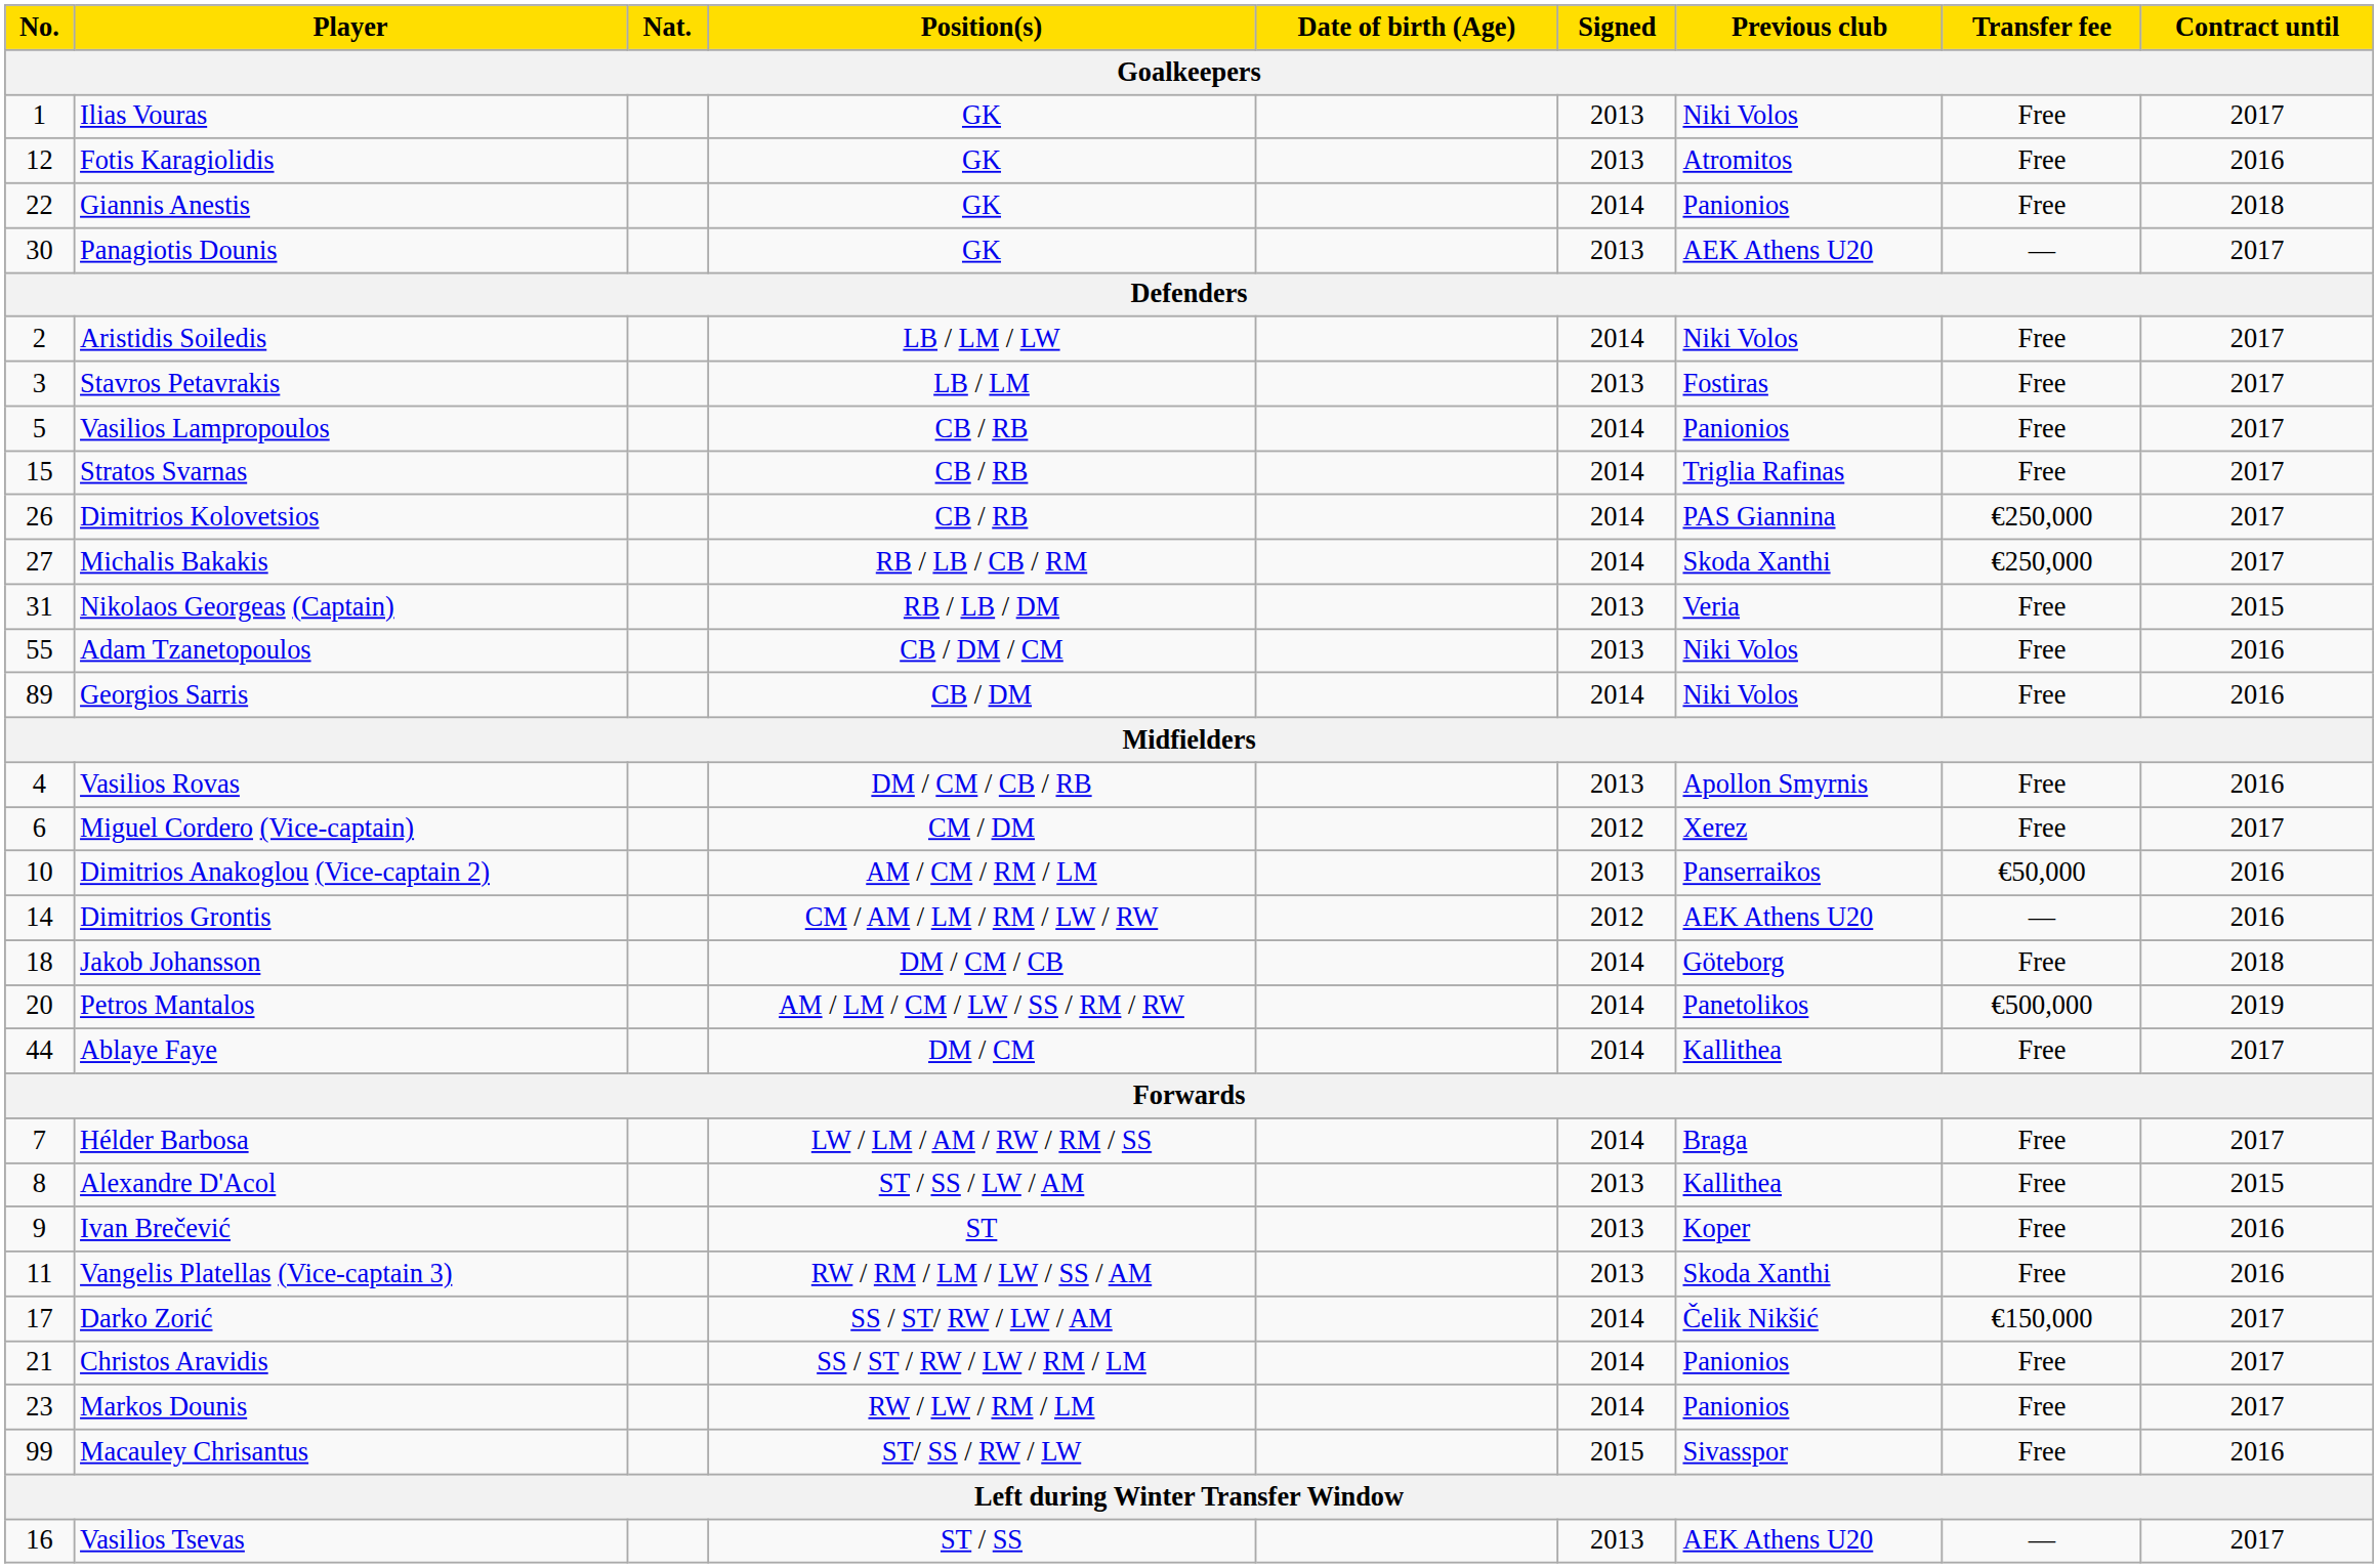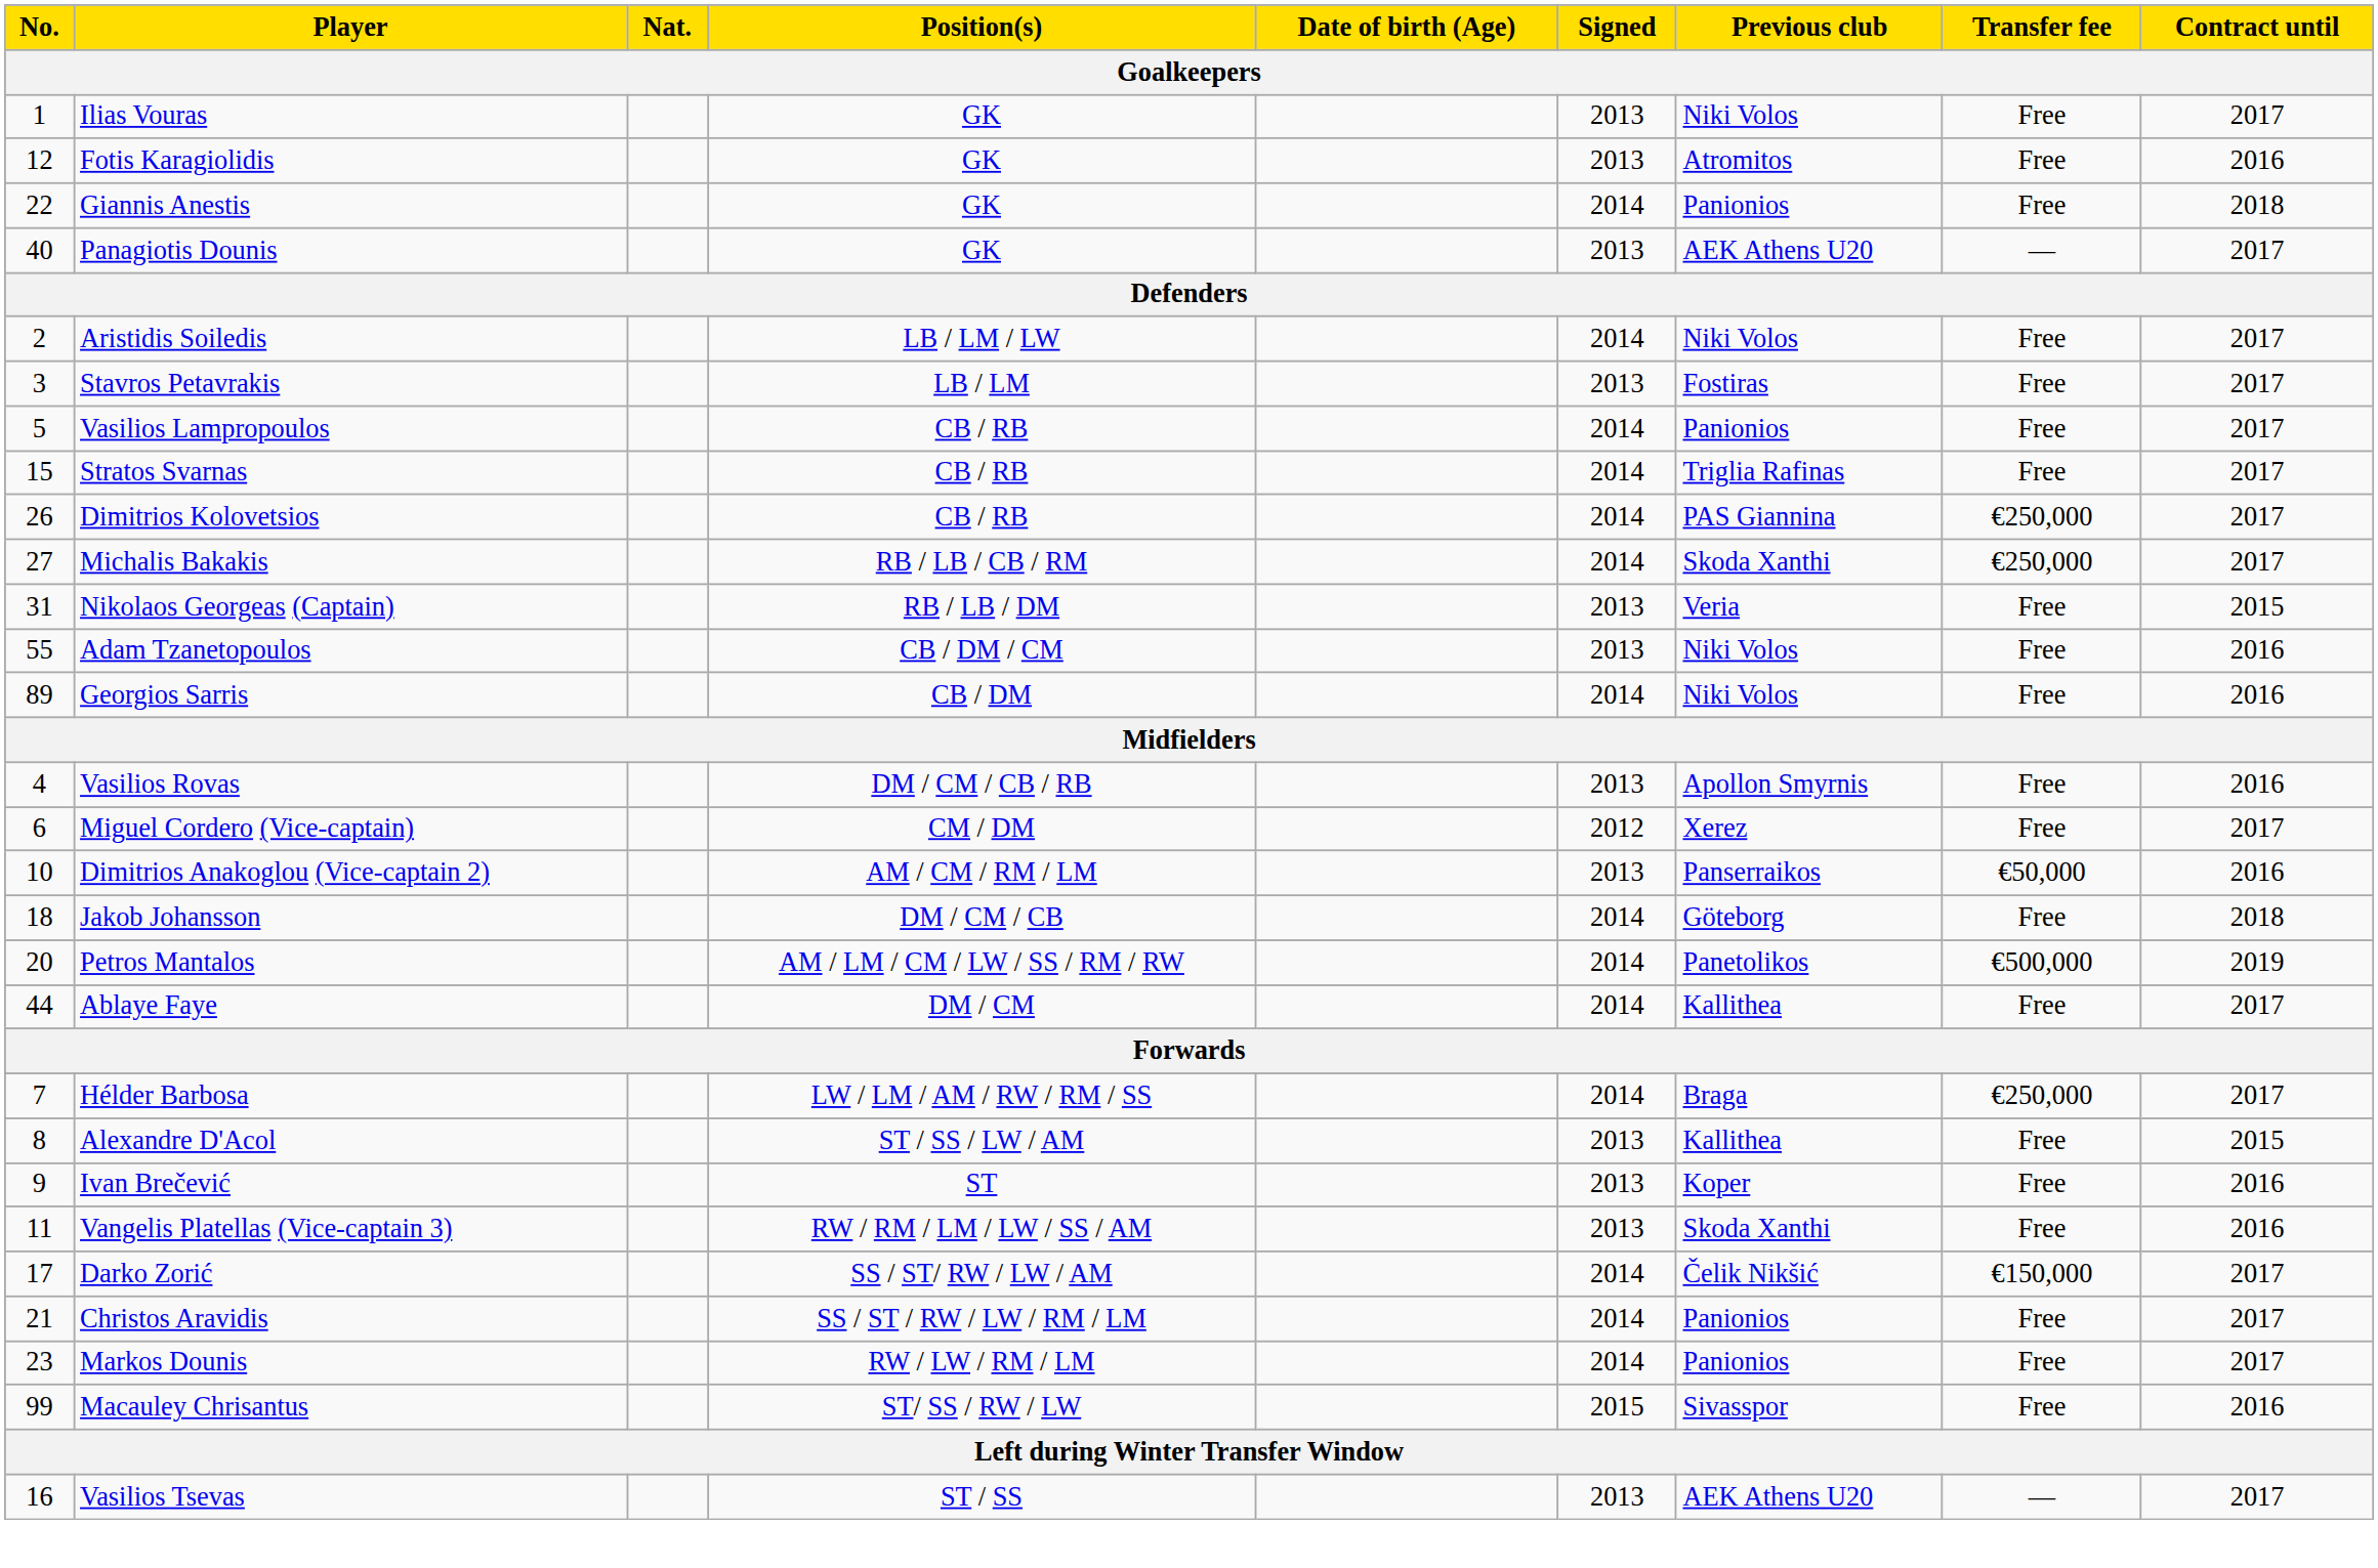 <table class="wikitable" style="text-align:center; font-size:90%; width:100%">
 <tr>
 <th style="background:#FFDE00">No.</th>
 <th style="background:#FFDE00">Player</th>
 <th style="background:#FFDE00">Nat.</th>
 <th style="background:#FFDE00">Position(s)</th>
 <th style="background:#FFDE00">Date of birth (Age)</th>
 <th style="background:#FFDE00">Signed</th>
 <th style="background:#FFDE00">Previous club</th>
 <th style="background:#FFDE00">Transfer fee</th>
 <th style="background:#FFDE00">Contract until</th>
 </tr>
 <tr>
 <th colspan="9">Goalkeepers</th>
 </tr>
 <tr>
 <td>1</td>
 <td align=left><a href='#'>Ilias Vouras</a></td>
 <td></td>
 <td><a href='#'>GK</a></td>
 <td></td>
 <td>2013</td>
 <td align=left> <a href='#'>Niki Volos</a></td>
 <td>Free</td>
 <td>2017</td>
 </tr>
 <tr>
 <td>12</td>
 <td align=left><a href='#'>Fotis Karagiolidis</a></td>
 <td></td>
 <td><a href='#'>GK</a></td>
 <td></td>
 <td>2013</td>
 <td align=left> <a href='#'>Atromitos</a></td>
 <td>Free</td>
 <td>2016</td>
 </tr>
 <tr>
 <td>22</td>
 <td align=left><a href='#'>Giannis Anestis</a></td>
 <td></td>
 <td><a href='#'>GK</a></td>
 <td></td>
 <td>2014</td>
 <td align=left> <a href='#'>Panionios</a></td>
 <td>Free</td>
 <td>2018</td>
 </tr>
 <tr>
-<td>30</td>
+<td>40</td>
 <td align=left><a href='#'>Panagiotis Dounis</a></td>
 <td></td>
 <td><a href='#'>GK</a></td>
 <td></td>
 <td>2013</td>
 <td align=left> <a href='#'>AEK Athens U20</a></td>
 <td>—</td>
 <td>2017</td>
 </tr>
 <tr>
 <th colspan="9">Defenders</th>
 </tr>
 <tr>
 <td>2</td>
 <td align=left><a href='#'>Aristidis Soiledis</a></td>
 <td></td>
 <td><a href='#'>LB</a> / <a href='#'>LM</a> / <a href='#'>LW</a></td>
 <td></td>
 <td>2014</td>
 <td align=left> <a href='#'>Niki Volos</a></td>
 <td>Free</td>
 <td>2017</td>
 </tr>
 <tr>
 <td>3</td>
 <td align=left><a href='#'>Stavros Petavrakis</a></td>
 <td></td>
 <td><a href='#'>LB</a> / <a href='#'>LM</a></td>
 <td></td>
 <td>2013</td>
 <td align=left> <a href='#'>Fostiras</a></td>
 <td>Free</td>
 <td>2017</td>
 </tr>
 <tr>
 <td>5</td>
 <td align=left><a href='#'>Vasilios Lampropoulos</a></td>
 <td></td>
 <td><a href='#'>CB</a> / <a href='#'>RB</a></td>
 <td></td>
 <td>2014</td>
 <td align=left> <a href='#'>Panionios</a></td>
 <td>Free</td>
 <td>2017</td>
 </tr>
 <tr>
 <td>15</td>
 <td align=left><a href='#'>Stratos Svarnas</a></td>
 <td></td>
 <td><a href='#'>CB</a> / <a href='#'>RB</a></td>
 <td></td>
 <td>2014</td>
 <td align=left> <a href='#'>Triglia Rafinas</a></td>
 <td>Free</td>
 <td>2017</td>
 </tr>
 <tr>
 <td>26</td>
 <td align=left><a href='#'>Dimitrios Kolovetsios</a></td>
 <td></td>
 <td><a href='#'>CB</a> / <a href='#'>RB</a></td>
 <td></td>
 <td>2014</td>
 <td align=left> <a href='#'>PAS Giannina</a></td>
 <td>€250,000</td>
 <td>2017</td>
 </tr>
 <tr>
 <td>27</td>
 <td align=left><a href='#'>Michalis Bakakis</a></td>
 <td></td>
 <td><a href='#'>RB</a> / <a href='#'>LB</a> / <a href='#'>CB</a> / <a href='#'>RM</a></td>
 <td></td>
 <td>2014</td>
 <td align=left> <a href='#'>Skoda Xanthi</a></td>
 <td>€250,000</td>
 <td>2017</td>
 </tr>
 <tr>
 <td>31</td>
 <td align=left><a href='#'>Nikolaos Georgeas</a> <a href='#'>(Captain)</a></td>
 <td></td>
 <td><a href='#'>RB</a> / <a href='#'>LB</a> / <a href='#'>DM</a></td>
 <td></td>
 <td>2013</td>
 <td align=left> <a href='#'>Veria</a></td>
 <td>Free</td>
 <td>2015</td>
 </tr>
 <tr>
 <td>55</td>
 <td align=left><a href='#'>Adam Tzanetopoulos</a></td>
 <td></td>
 <td><a href='#'>CB</a> / <a href='#'>DM</a> / <a href='#'>CM</a></td>
 <td></td>
 <td>2013</td>
 <td align=left> <a href='#'>Niki Volos</a></td>
 <td>Free</td>
 <td>2016</td>
 </tr>
 <tr>
 <td>89</td>
 <td align=left><a href='#'>Georgios Sarris</a></td>
 <td></td>
 <td><a href='#'>CB</a> / <a href='#'>DM</a></td>
 <td></td>
 <td>2014</td>
 <td align=left> <a href='#'>Niki Volos</a></td>
 <td>Free</td>
 <td>2016</td>
 </tr>
 <tr>
 <th colspan="9">Midfielders</th>
 </tr>
 <tr>
 <td>4</td>
 <td align=left><a href='#'>Vasilios Rovas</a></td>
 <td></td>
 <td><a href='#'>DM</a> / <a href='#'>CM</a> / <a href='#'>CB</a> / <a href='#'>RB</a></td>
 <td></td>
 <td>2013</td>
 <td align=left> <a href='#'>Apollon Smyrnis</a></td>
 <td>Free</td>
 <td>2016</td>
 </tr>
 <tr>
 <td>6</td>
 <td align=left><a href='#'>Miguel Cordero</a> <a href='#'>(Vice-captain)</a></td>
 <td></td>
 <td><a href='#'>CM</a> / <a href='#'>DM</a></td>
 <td></td>
 <td>2012</td>
 <td align=left> <a href='#'>Xerez</a></td>
 <td>Free</td>
 <td>2017</td>
 </tr>
 <tr>
 <td>10</td>
 <td align=left><a href='#'>Dimitrios Anakoglou</a> <a href='#'>(Vice-captain 2)</a></td>
 <td></td>
 <td><a href='#'>AM</a> / <a href='#'>CM</a> / <a href='#'>RM</a> / <a href='#'>LM</a></td>
 <td></td>
 <td>2013</td>
 <td align=left> <a href='#'>Panserraikos</a></td>
 <td>€50,000</td>
 <td>2016</td>
 </tr>
 <tr>
-<td>14</td>
-<td align=left><a href='#'>Dimitrios Grontis</a></td>
-<td></td>
-<td><a href='#'>CM</a> / <a href='#'>AM</a> / <a href='#'>LM</a> / <a href='#'>RM</a> / <a href='#'>LW</a> / <a href='#'>RW</a></td>
-<td></td>
-<td>2012</td>
-<td align=left> <a href='#'>AEK Athens U20</a></td>
-<td>—</td>
-<td>2016</td>
-</tr>
-<tr>
 <td>18</td>
 <td align=left><a href='#'>Jakob Johansson</a></td>
 <td></td>
 <td><a href='#'>DM</a> / <a href='#'>CM</a> / <a href='#'>CB</a></td>
 <td></td>
 <td>2014</td>
 <td align=left> <a href='#'>Göteborg</a></td>
 <td>Free</td>
 <td>2018</td>
 </tr>
 <tr>
 <td>20</td>
 <td align=left><a href='#'>Petros Mantalos</a></td>
 <td></td>
 <td><a href='#'>AM</a> / <a href='#'>LM</a> / <a href='#'>CM</a> / <a href='#'>LW</a> / <a href='#'>SS</a> / <a href='#'>RM</a> / <a href='#'>RW</a></td>
 <td></td>
 <td>2014</td>
 <td align=left> <a href='#'>Panetolikos</a></td>
 <td>€500,000</td>
 <td>2019</td>
 </tr>
 <tr>
 <td>44</td>
 <td align=left><a href='#'>Ablaye Faye</a></td>
 <td></td>
 <td><a href='#'>DM</a> / <a href='#'>CM</a></td>
 <td></td>
 <td>2014</td>
 <td align=left> <a href='#'>Kallithea</a></td>
 <td>Free</td>
 <td>2017</td>
 </tr>
 <tr>
 <th colspan="9">Forwards</th>
 </tr>
 <tr>
 <td>7</td>
 <td align=left><a href='#'>Hélder Barbosa</a></td>
 <td></td>
 <td><a href='#'>LW</a> / <a href='#'>LM</a> / <a href='#'>AM</a> / <a href='#'>RW</a> / <a href='#'>RM</a> / <a href='#'>SS</a></td>
 <td></td>
 <td>2014</td>
 <td align=left> <a href='#'>Braga</a></td>
-<td>Free</td>
+<td>€250,000</td>
 <td>2017</td>
 </tr>
 <tr>
 <td>8</td>
 <td align=left><a href='#'>Alexandre D'Acol</a></td>
 <td></td>
 <td><a href='#'>ST</a> / <a href='#'>SS</a> / <a href='#'>LW</a> / <a href='#'>AM</a></td>
 <td></td>
 <td>2013</td>
 <td align=left> <a href='#'>Kallithea</a></td>
 <td>Free</td>
 <td>2015</td>
 </tr>
 <tr>
 <td>9</td>
 <td align=left><a href='#'>Ivan Brečević</a></td>
 <td></td>
 <td><a href='#'>ST</a></td>
 <td></td>
 <td>2013</td>
 <td align=left> <a href='#'>Koper</a></td>
 <td>Free</td>
 <td>2016</td>
 </tr>
 <tr>
 <td>11</td>
 <td align=left><a href='#'>Vangelis Platellas</a> <a href='#'>(Vice-captain 3)</a></td>
 <td></td>
 <td><a href='#'>RW</a> / <a href='#'>RM</a> / <a href='#'>LM</a> / <a href='#'>LW</a> / <a href='#'>SS</a> / <a href='#'>AM</a></td>
 <td></td>
 <td>2013</td>
 <td align=left> <a href='#'>Skoda Xanthi</a></td>
 <td>Free</td>
 <td>2016</td>
 </tr>
 <tr>
 <td>17</td>
 <td align=left><a href='#'>Darko Zorić</a></td>
 <td></td>
 <td><a href='#'>SS</a> / <a href='#'>ST</a>/ <a href='#'>RW</a> / <a href='#'>LW</a> / <a href='#'>AM</a></td>
 <td></td>
 <td>2014</td>
 <td align=left> <a href='#'>Čelik Nikšić</a></td>
 <td>€150,000</td>
 <td>2017</td>
 </tr>
 <tr>
 <td>21</td>
 <td align=left><a href='#'>Christos Aravidis</a></td>
 <td></td>
 <td><a href='#'>SS</a> / <a href='#'>ST</a> / <a href='#'>RW</a> / <a href='#'>LW</a> / <a href='#'>RM</a> / <a href='#'>LM</a></td>
 <td></td>
 <td>2014</td>
 <td align=left> <a href='#'>Panionios</a></td>
 <td>Free</td>
 <td>2017</td>
 </tr>
 <tr>
 <td>23</td>
 <td align=left><a href='#'>Markos Dounis</a></td>
 <td></td>
 <td><a href='#'>RW</a> / <a href='#'>LW</a> / <a href='#'>RM</a> / <a href='#'>LM</a></td>
 <td></td>
 <td>2014</td>
 <td align=left> <a href='#'>Panionios</a></td>
 <td>Free</td>
 <td>2017</td>
 </tr>
 <tr>
 <td>99</td>
 <td align=left><a href='#'>Macauley Chrisantus</a></td>
 <td></td>
 <td><a href='#'>ST</a>/ <a href='#'>SS</a> / <a href='#'>RW</a> / <a href='#'>LW</a></td>
 <td></td>
 <td>2015</td>
 <td align=left> <a href='#'>Sivasspor</a></td>
 <td>Free</td>
 <td>2016</td>
 </tr>
 <tr>
 <th colspan="9">Left during Winter Transfer Window</th>
 </tr>
 <tr>
 <td>16</td>
 <td align=left><a href='#'>Vasilios Tsevas</a></td>
 <td></td>
 <td><a href='#'>ST</a> / <a href='#'>SS</a></td>
 <td></td>
 <td>2013</td>
 <td align=left> <a href='#'>AEK Athens U20</a></td>
 <td>—</td>
 <td>2017</td>
 </tr>
 </table>
